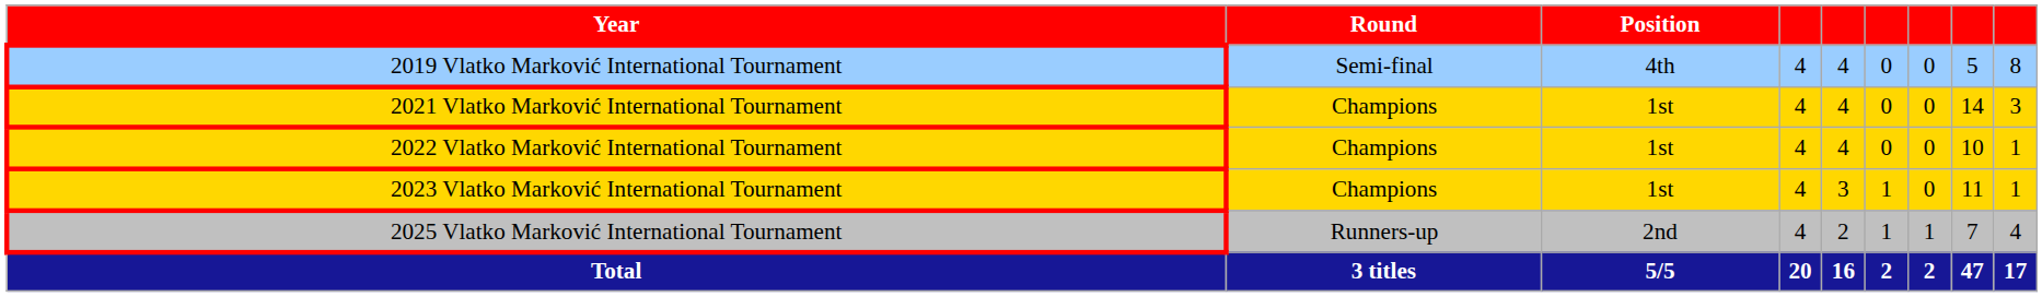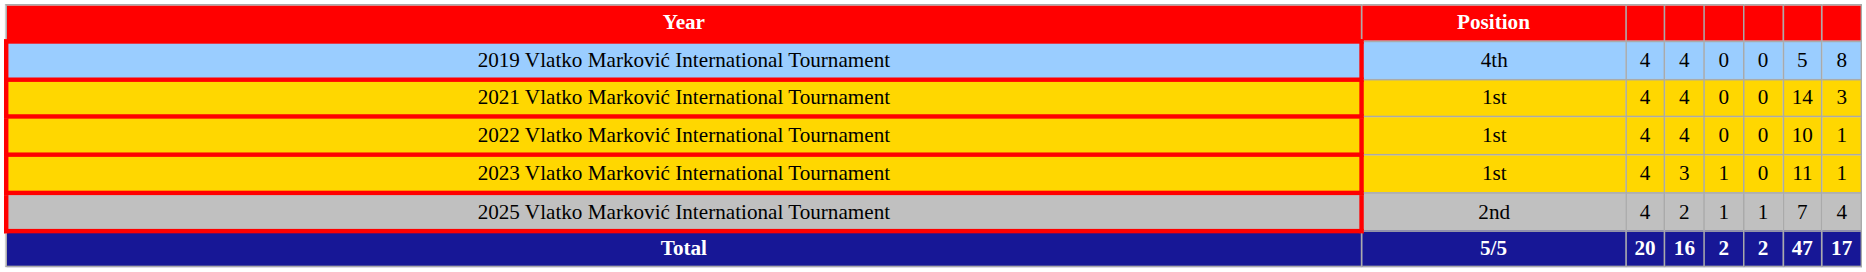 <table class="wikitable" style="font-size:90%; text-align:center;" width="100%" class="wikitable">
 <tr>
 <th style="background:#ff0000; color:white; ">Year</th>
-<th style="background:#ff0000; color:white; ">Round</th>
 <th style="background:#ff0000; color:white; ">Position</th>
 <th width="20" style="background:#ff0000; color:white; "></th>
 <th width="20" style="background:#ff0000; color:white; "></th>
 <th width="20" style="background:#ff0000; color:white; "></th>
 <th width="20" style="background:#ff0000; color:white; "></th>
 <th width="20" style="background:#ff0000; color:white; "></th>
 <th width="20" style="background:#ff0000; color:white; "></th>
 </tr>
 <tr bgcolor=#9acdff>
 <td style="border: 3px solid red"> 2019 Vlatko Marković International Tournament</td>
-<td>Semi-final</td>
 <td>4th</td>
 <td>4</td>
 <td>4</td>
 <td>0</td>
 <td>0</td>
 <td>5</td>
 <td>8</td>
 </tr>
 <tr bgcolor=gold>
 <td style="border: 3px solid red"> 2021 Vlatko Marković International Tournament</td>
-<td>Champions</td>
 <td>1st</td>
 <td>4</td>
 <td>4</td>
 <td>0</td>
 <td>0</td>
 <td>14</td>
 <td>3</td>
 </tr>
 <tr bgcolor=gold>
 <td style="border: 3px solid red"> 2022 Vlatko Marković International Tournament</td>
-<td>Champions</td>
 <td>1st</td>
 <td>4</td>
 <td>4</td>
 <td>0</td>
 <td>0</td>
 <td>10</td>
 <td>1</td>
 </tr>
 <tr bgcolor=gold>
 <td style="border: 3px solid red"> 2023 Vlatko Marković International Tournament</td>
-<td>Champions</td>
 <td>1st</td>
 <td>4</td>
 <td>3</td>
 <td>1</td>
 <td>0</td>
 <td>11</td>
 <td>1</td>
 </tr>
 <tr bgcolor=silver>
 <td style="border: 3px solid red"> 2025 Vlatko Marković International Tournament</td>
-<td>Runners-up</td>
 <td>2nd</td>
 <td>4</td>
 <td>2</td>
 <td>1</td>
 <td>1</td>
 <td>7</td>
 <td>4</td>
 </tr>
 <tr>
 <th style="background:#171796; color:white; ">Total</th>
-<th style="background:#171796; color:white; ">3 titles</th>
 <th style="background:#171796; color:white; ">5/5</th>
 <th style="background:#171796; color:white; ">20</th>
 <th style="background:#171796; color:white; ">16</th>
 <th style="background:#171796; color:white; ">2</th>
 <th style="background:#171796; color:white; ">2</th>
 <th style="background:#171796; color:white; ">47</th>
 <th style="background:#171796; color:white; ">17</th>
 </tr>
 </table>
